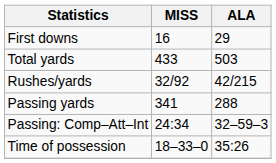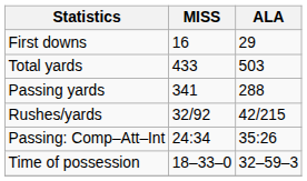 <table class="wikitable" style="float: left;">
 <tr>
 <th>Statistics</th>
 <th>MISS</th>
 <th>ALA</th>
 </tr>
 <tr>
 <td>First downs</td>
 <td>16</td>
 <td>29</td>
 </tr>
 <tr>
 <td>Total yards</td>
 <td>433</td>
 <td>503</td>
 </tr>
 <tr>
+<td>Passing yards</td>
+<td>341</td>
+<td>288</td>
+</tr>
+<tr>
 <td>Rushes/yards</td>
 <td>32/92</td>
 <td>42/215</td>
 </tr>
 <tr>
-<td>Passing yards</td>
-<td>341</td>
-<td>288</td>
-</tr>
-<tr>
 <td>Passing: Comp–Att–Int</td>
 <td>24:34</td>
-<td>32–59–3</td>
+<td>35:26</td>
 </tr>
 <tr>
 <td>Time of possession</td>
 <td>18–33–0</td>
-<td>35:26</td>
+<td>32–59–3</td>
 </tr>
 <tr>
 </tr>
 </table>
